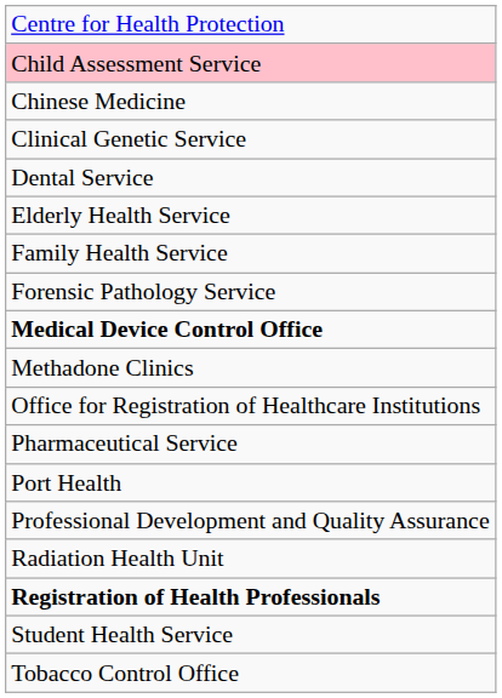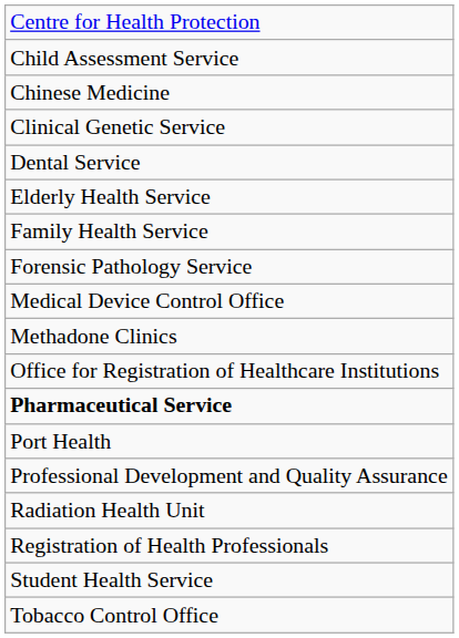 <table class="wikitable">
 <tr>
 <td><a href='#'>Centre for Health Protection</a> </td>
 </tr>
 <tr>
-<td style="background: pink;">Child Assessment Service </td>
+<td>Child Assessment Service </td>
 </tr>
 <tr>
 <td>Chinese Medicine</td>
 </tr>
 <tr>
 <td>Clinical Genetic Service</td>
 </tr>
 <tr>
 <td>Dental Service</td>
 </tr>
 <tr>
 <td>Elderly Health Service </td>
 </tr>
 <tr>
 <td>Family Health Service</td>
 </tr>
 <tr>
 <td>Forensic Pathology Service</td>
 </tr>
 <tr>
-<td><strong>Medical Device Control Office </strong></td>
+<td>Medical Device Control Office </td>
 </tr>
 <tr>
 <td>Methadone Clinics</td>
 </tr>
 <tr>
 <td>Office for Registration of Healthcare Institutions</td>
 </tr>
 <tr>
-<td>Pharmaceutical Service </td>
+<td><strong>Pharmaceutical Service </strong></td>
 </tr>
 <tr>
 <td>Port Health</td>
 </tr>
 <tr>
 <td>Professional Development and Quality Assurance  </td>
 </tr>
 <tr>
 <td>Radiation Health Unit</td>
 </tr>
 <tr>
-<td><strong>Registration of Health Professionals</strong></td>
+<td>Registration of Health Professionals</td>
 </tr>
 <tr>
 <td>Student Health Service </td>
 </tr>
 <tr>
 <td>Tobacco Control Office </td>
 </tr>
 </table>
